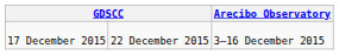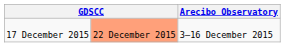 <table class=wikitable>
 <tr>
 <th colspan=2><a href='#'>GDSCC</a></th>
 <th><a href='#'>Arecibo Observatory</a></th>
 </tr>
 <tr>
 <td><br>17 December 2015</td>
-<td><br>22 December 2015</td>
+<td style="background: lightsalmon;"><br>22 December 2015</td>
 <td><br>3–16 December 2015</td>
 </tr>
 </table>
